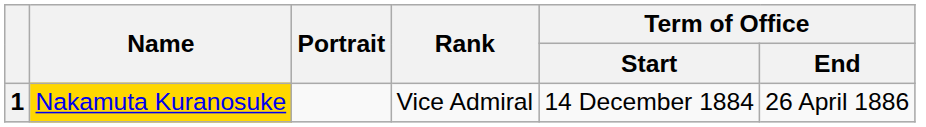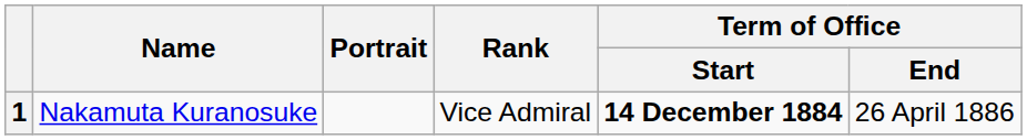 <table class="wikitable" style="text-align:center">
 <tr>
 <th rowspan=2></th>
 <th rowspan=2>Name</th>
 <th rowspan=2>Portrait</th>
 <th rowspan=2>Rank</th>
 <th colspan=2>Term of Office</th>
 </tr>
 <tr>
 <th>Start</th>
 <th>End</th>
 </tr>
 <tr>
 <th>1</th>
-<td style="background: gold;"><a href='#'>Nakamuta Kuranosuke</a></td>
+<td><a href='#'>Nakamuta Kuranosuke</a></td>
 <td></td>
 <td>Vice Admiral</td>
-<td>14 December 1884</td>
+<td><strong>14 December 1884</strong></td>
 <td>26 April 1886</td>
 </tr>
 </table>
